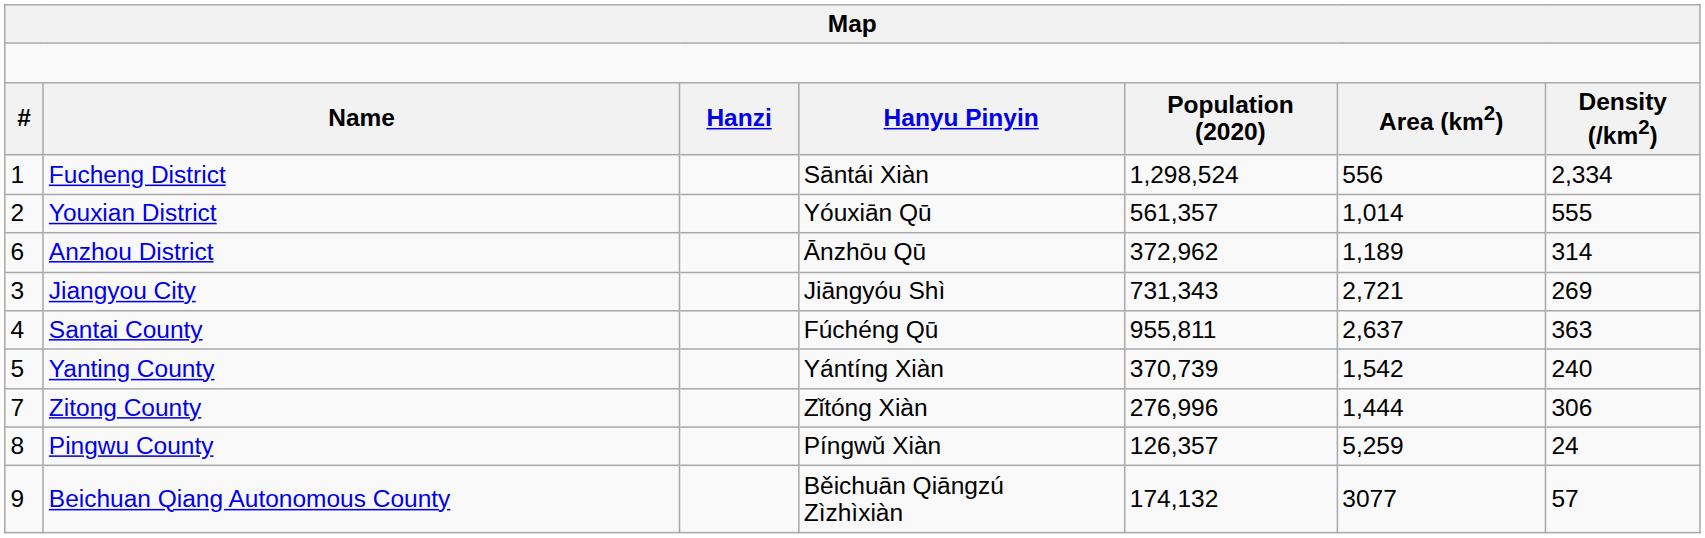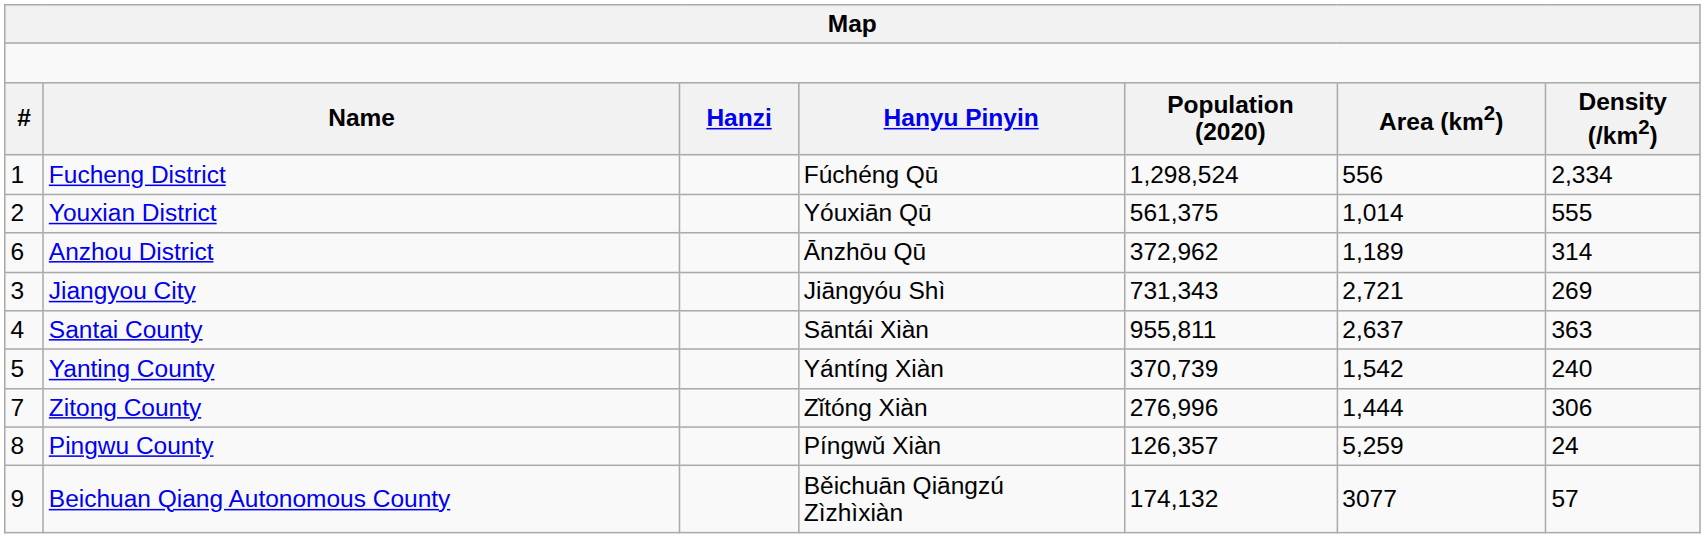 <table class="wikitable" align="center" style="width:70%; border:1">
 <tr>
 <th colspan="12">Map</th>
 </tr>
 <tr>
 <td colspan=12 align="center"><br><div>             </div></td>
 </tr>
 <tr>
 <th>#</th>
 <th>Name</th>
 <th><a href='#'>Hanzi</a></th>
 <th><a href='#'>Hanyu Pinyin</a></th>
 <th>Population<br>(2020)</th>
 <th>Area (km<sup>2</sup>)</th>
 <th>Density<br>(/km<sup>2</sup>)</th>
 </tr>
 <tr --------->
 <td>1</td>
 <td><a href='#'>Fucheng District</a></td>
 <td></td>
-<td>Sāntái Xiàn</td>
+<td>Fúchéng Qū</td>
 <td>1,298,524</td>
 <td>556</td>
 <td>2,334</td>
 </tr>
 <tr --------->
 <td>2</td>
 <td><a href='#'>Youxian District</a></td>
 <td></td>
 <td>Yóuxiān Qū</td>
-<td>561,357</td>
+<td>561,375</td>
 <td>1,014</td>
 <td>555</td>
 </tr>
 <tr --------->
 <td>6</td>
 <td><a href='#'>Anzhou District</a></td>
 <td></td>
 <td>Ānzhōu Qū</td>
 <td>372,962</td>
 <td>1,189</td>
 <td>314</td>
 </tr>
 <tr --------->
 <td>3</td>
 <td><a href='#'>Jiangyou City</a></td>
 <td></td>
 <td>Jiāngyóu Shì</td>
 <td>731,343</td>
 <td>2,721</td>
 <td>269</td>
 </tr>
 <tr --------->
 <td>4</td>
 <td><a href='#'>Santai County</a></td>
 <td></td>
-<td>Fúchéng Qū</td>
+<td>Sāntái Xiàn</td>
 <td>955,811</td>
 <td>2,637</td>
 <td>363</td>
 </tr>
 <tr --------->
 <td>5</td>
 <td><a href='#'>Yanting County</a></td>
 <td></td>
 <td>Yántíng Xiàn</td>
 <td>370,739</td>
 <td>1,542</td>
 <td>240</td>
 </tr>
 <tr --------->
 <td>7</td>
 <td><a href='#'>Zitong County</a></td>
 <td></td>
 <td>Zǐtóng Xiàn</td>
 <td>276,996</td>
 <td>1,444</td>
 <td>306</td>
 </tr>
 <tr --------->
 <td>8</td>
 <td><a href='#'>Pingwu County</a></td>
 <td></td>
 <td>Píngwǔ Xiàn</td>
 <td>126,357</td>
 <td>5,259</td>
 <td>24</td>
 </tr>
 <tr --------->
 <td>9</td>
 <td><a href='#'>Beichuan Qiang Autonomous County</a></td>
 <td></td>
 <td>Běichuān Qiāngzú<br>Zìzhìxiàn</td>
 <td>174,132</td>
 <td>3077</td>
 <td>57</td>
 </tr>
 </table>
